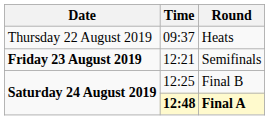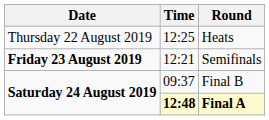 <table class="wikitable">
 <tr>
 <th>Date</th>
 <th>Time</th>
 <th>Round</th>
 </tr>
 <tr>
 <td>Thursday 22 August 2019</td>
-<td>09:37</td>
+<td>12:25</td>
 <td>Heats</td>
 </tr>
 <tr>
 <td><strong>Friday 23 August 2019</strong></td>
 <td>12:21</td>
 <td>Semifinals</td>
 </tr>
 <tr>
 <td rowspan=2><strong>Saturday 24 August 2019</strong></td>
-<td>12:25</td>
+<td>09:37</td>
 <td>Final B</td>
 </tr>
 <tr>
 <td style=background:lemonchiffon><strong>12:48</strong></td>
 <td style=background:lemonchiffon><strong>Final A</strong></td>
 </tr>
 </table>
